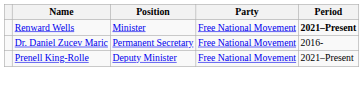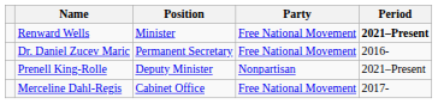 <table class="wikitable sortable" style="border-collapse:collapse; border:#555">
 <tr>
 <th class="unsortable" width=6px></th>
 <th>Name</th>
 <th>Position</th>
 <th>Party</th>
 <th>Period</th>
 </tr>
 <tr>
 <td style="background-color: "></td>
 <td><a href='#'>Renward Wells</a></td>
 <td><a href='#'>Minister</a></td>
 <td><a href='#'>Free National Movement</a></td>
 <td><strong>2021–Present</strong></td>
 </tr>
 <tr>
 <td style="background-color:  "></td>
 <td><a href='#'>Dr. Daniel Zucev Maric</a></td>
 <td><a href='#'>Permanent Secretary</a></td>
 <td><a href='#'>Free National Movement</a></td>
 <td>2016-</td>
 </tr>
 <tr>
 <td style="background-color: "></td>
 <td><a href='#'>Prenell King-Rolle</a></td>
 <td><a href='#'>Deputy Minister</a></td>
-<td><a href='#'>Free National Movement</a></td>
+<td><a href='#'>Nonpartisan</a></td>
 <td>2021–Present</td>
 </tr>
+<tr>
+<td style="background-color: "></td>
+<td><a href='#'>Merceline Dahl-Regis</a></td>
+<td><a href='#'>Cabinet Office</a></td>
+<td><a href='#'>Free National Movement</a></td>
+<td>2017-</td>
+</tr>
 </table>
